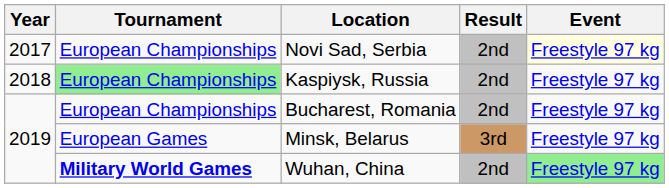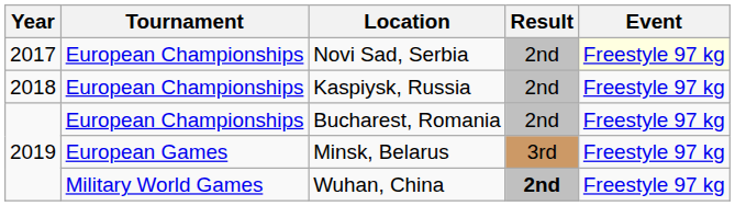 <table class="wikitable" style="font-size: 95%;">
 <tr>
 <th>Year</th>
 <th>Tournament</th>
 <th>Location</th>
 <th>Result</th>
 <th>Event</th>
 </tr>
 <tr>
 <td>2017</td>
 <td><a href='#'>European Championships</a></td>
 <td>Novi Sad, Serbia</td>
 <td align="center" bgcolor="silver">2nd</td>
 <td style="background: lightyellow;"><a href='#'>Freestyle 97 kg</a></td>
 </tr>
 <tr>
 <td>2018</td>
-<td style="background: lightgreen;"><a href='#'>European Championships</a></td>
+<td><a href='#'>European Championships</a></td>
 <td>Kaspiysk, Russia</td>
 <td align="center" bgcolor="silver">2nd</td>
 <td><a href='#'>Freestyle 97 kg</a></td>
 </tr>
 <tr>
 <td rowspan=3>2019</td>
 <td><a href='#'>European Championships</a></td>
 <td>Bucharest, Romania</td>
 <td align="center" bgcolor="silver">2nd</td>
 <td><a href='#'>Freestyle 97 kg</a></td>
 </tr>
 <tr>
 <td><a href='#'>European Games</a></td>
 <td>Minsk, Belarus</td>
 <td align="center" bgcolor="cc9966">3rd</td>
 <td><a href='#'>Freestyle 97 kg</a></td>
 </tr>
 <tr>
-<td><strong><a href='#'>Military World Games</a></strong></td>
+<td><a href='#'>Military World Games</a></td>
 <td>Wuhan, China</td>
-<td align="center" bgcolor="silver">2nd</td>
-<td style="background: lightgreen;"><a href='#'>Freestyle 97 kg</a></td>
+<td align="center" bgcolor="silver"><strong>2nd</strong></td>
+<td><a href='#'>Freestyle 97 kg</a></td>
 </tr>
 </table>
